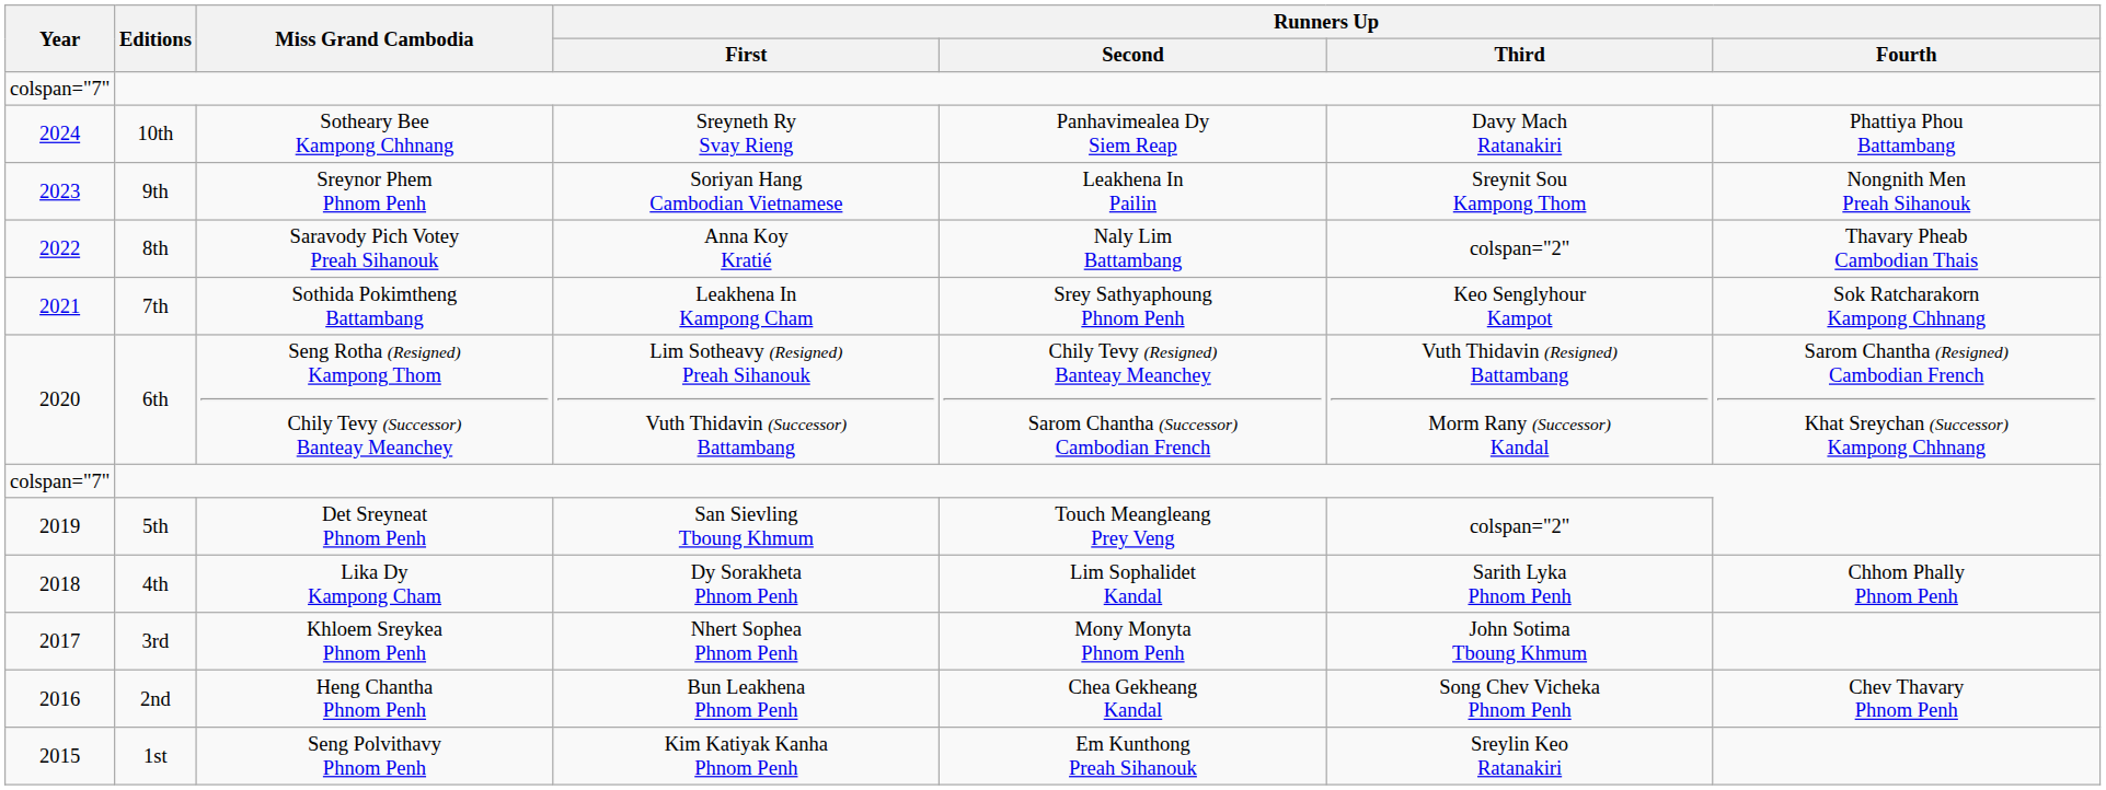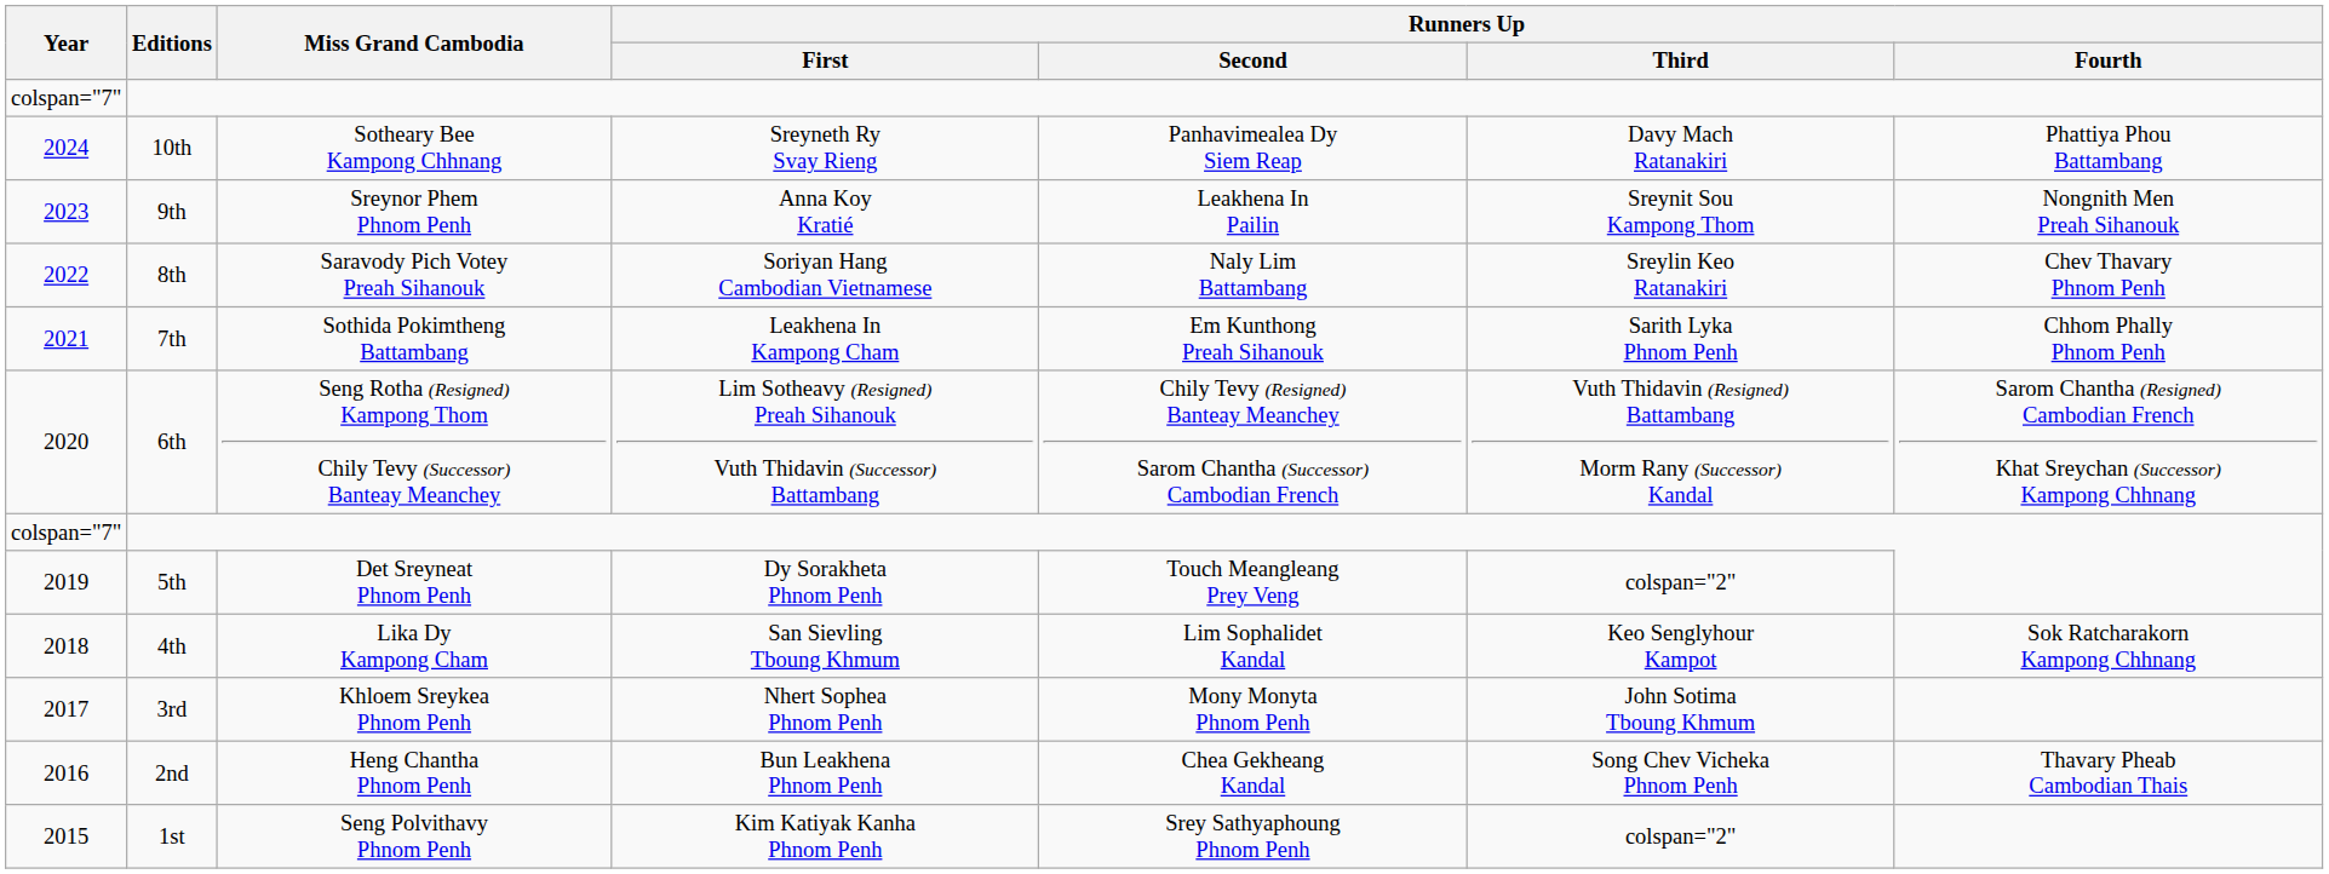 <table class="wikitable" style="font-size: 95%;">
 <tr>
 <th rowspan="2" width="1%">Year</th>
 <th rowspan="2" width="1%">Editions</th>
 <th rowspan="2"  width="202">Miss Grand Cambodia</th>
 <th colspan="4" width="900">Runners Up</th>
 </tr>
 <tr>
 <th width="190">First</th>
 <th width="190">Second</th>
 <th width="190">Third</th>
 <th width="190">Fourth</th>
 </tr>
 <tr style="text-align:center;">
 <td>colspan="7" </td>
 </tr>
 <tr style="text-align:center;">
 <td><a href='#'>2024</a></td>
 <td>10th</td>
 <td>Sotheary Bee<br><a href='#'>Kampong Chhnang</a></td>
 <td>Sreyneth Ry<br><a href='#'>Svay Rieng</a></td>
 <td>Panhavimealea Dy<br><a href='#'>Siem Reap</a></td>
 <td>Davy Mach<br><a href='#'>Ratanakiri</a></td>
 <td>Phattiya Phou<br><a href='#'>Battambang</a></td>
 </tr>
 <tr style="text-align:center;">
 <td><a href='#'>2023</a></td>
 <td>9th</td>
 <td>Sreynor Phem<br><a href='#'>Phnom Penh</a></td>
-<td>Soriyan Hang<br><a href='#'>Cambodian Vietnamese</a></td>
+<td>Anna Koy<br><a href='#'>Kratié</a></td>
 <td>Leakhena In<br><a href='#'>Pailin</a></td>
 <td>Sreynit Sou<br><a href='#'>Kampong Thom</a></td>
 <td>Nongnith Men<br><a href='#'>Preah Sihanouk</a></td>
 </tr>
 <tr style="text-align:center;">
 <td><a href='#'>2022</a></td>
 <td>8th</td>
 <td>Saravody Pich Votey <br><a href='#'>Preah Sihanouk</a></td>
-<td>Anna Koy<br><a href='#'>Kratié</a></td>
+<td>Soriyan Hang<br><a href='#'>Cambodian Vietnamese</a></td>
 <td>Naly Lim<br><a href='#'>Battambang</a></td>
-<td>colspan="2" </td>
-<td>Thavary Pheab<br><a href='#'>Cambodian Thais</a></td>
+<td>Sreylin Keo<br><a href='#'>Ratanakiri</a></td>
+<td>Chev Thavary<br><a href='#'>Phnom Penh</a></td>
 </tr>
 <tr style="text-align:center;">
 <td><a href='#'>2021</a></td>
 <td>7th</td>
 <td>Sothida Pokimtheng <br><a href='#'>Battambang</a></td>
 <td>Leakhena In<br><a href='#'>Kampong Cham</a></td>
-<td>Srey Sathyaphoung<br><a href='#'>Phnom Penh</a></td>
-<td>Keo Senglyhour<br><a href='#'>Kampot</a></td>
-<td>Sok Ratcharakorn<br><a href='#'>Kampong Chhnang</a></td>
+<td>Em Kunthong<br><a href='#'>Preah Sihanouk</a></td>
+<td>Sarith Lyka<br><a href='#'>Phnom Penh</a></td>
+<td>Chhom Phally<br><a href='#'>Phnom Penh</a></td>
 </tr>
 <tr style="text-align:center;">
 <td>2020</td>
 <td>6th</td>
 <td>Seng Rotha  <em><small>(Resigned)</small></em> <br><a href='#'>Kampong Thom</a><hr> Chily Tevy <em><small>(Successor)</small></em> <br><a href='#'>Banteay Meanchey</a></td>
 <td>Lim Sotheavy <em><small>(Resigned)</small></em> <br><a href='#'>Preah Sihanouk</a><hr>Vuth Thidavin <em><small>(Successor)</small></em> <br><a href='#'>Battambang</a></td>
 <td>Chily Tevy <em><small>(Resigned)</small></em> <br><a href='#'>Banteay Meanchey</a><hr> Sarom Chantha <em><small>(Successor)</small></em> <br><a href='#'>Cambodian French</a></td>
 <td>Vuth Thidavin <em><small>(Resigned)</small></em> <br><a href='#'>Battambang</a><hr> Morm Rany <em><small>(Successor)</small></em> <br><a href='#'>Kandal</a></td>
 <td>Sarom Chantha <em><small>(Resigned)</small></em> <br><a href='#'>Cambodian French</a><hr> Khat Sreychan <em><small>(Successor)</small></em> <br><a href='#'>Kampong Chhnang</a></td>
 </tr>
 <tr style="text-align:center;">
 <td>colspan="7" </td>
 </tr>
 <tr style="text-align:center;">
 <td>2019</td>
 <td>5th</td>
 <td>Det Sreyneat <br><a href='#'>Phnom Penh</a></td>
-<td>San Sievling<br><a href='#'>Tboung Khmum</a></td>
+<td>Dy Sorakheta<br><a href='#'>Phnom Penh</a></td>
 <td>Touch Meangleang<br><a href='#'>Prey Veng</a></td>
 <td>colspan="2" </td>
 </tr>
 <tr style="text-align:center;">
 <td>2018</td>
 <td>4th</td>
 <td>Lika Dy <br><a href='#'>Kampong Cham</a></td>
-<td>Dy Sorakheta<br><a href='#'>Phnom Penh</a></td>
+<td>San Sievling<br><a href='#'>Tboung Khmum</a></td>
 <td>Lim Sophalidet<br><a href='#'>Kandal</a></td>
-<td>Sarith Lyka<br><a href='#'>Phnom Penh</a></td>
-<td>Chhom Phally<br><a href='#'>Phnom Penh</a></td>
+<td>Keo Senglyhour<br><a href='#'>Kampot</a></td>
+<td>Sok Ratcharakorn<br><a href='#'>Kampong Chhnang</a></td>
 </tr>
 <tr style="text-align:center;">
 <td>2017</td>
 <td>3rd</td>
 <td>Khloem Sreykea <br><a href='#'>Phnom Penh</a></td>
 <td>Nhert Sophea<br><a href='#'>Phnom Penh</a></td>
 <td>Mony Monyta<br><a href='#'>Phnom Penh</a></td>
 <td>John Sotima<br><a href='#'>Tboung Khmum</a></td>
 <td></td>
 </tr>
 <tr style="text-align:center;">
 <td>2016</td>
 <td>2nd</td>
 <td>Heng Chantha <br><a href='#'>Phnom Penh</a></td>
 <td>Bun Leakhena<br><a href='#'>Phnom Penh</a></td>
 <td>Chea Gekheang<br><a href='#'>Kandal</a></td>
 <td>Song Chev Vicheka<br><a href='#'>Phnom Penh</a></td>
-<td>Chev Thavary<br><a href='#'>Phnom Penh</a></td>
+<td>Thavary Pheab<br><a href='#'>Cambodian Thais</a></td>
 </tr>
 <tr style="text-align:center;">
 <td>2015</td>
 <td>1st</td>
 <td>Seng Polvithavy <br><a href='#'>Phnom Penh</a></td>
 <td>Kim Katiyak Kanha<br><a href='#'>Phnom Penh</a></td>
-<td>Em Kunthong<br><a href='#'>Preah Sihanouk</a></td>
-<td>Sreylin Keo<br><a href='#'>Ratanakiri</a></td>
+<td>Srey Sathyaphoung<br><a href='#'>Phnom Penh</a></td>
+<td>colspan="2" </td>
 </tr>
 </table>
